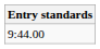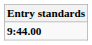 <table class="wikitable" border="1" align="upright">
 <tr>
 <th>Entry standards</th>
 </tr>
 <tr>
-<td>9:44.00</td>
+<td><strong>9:44.00</strong></td>
 </tr>
 </table>
